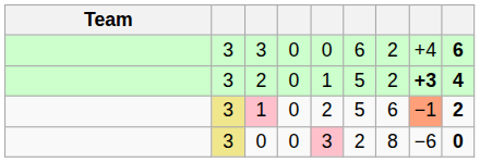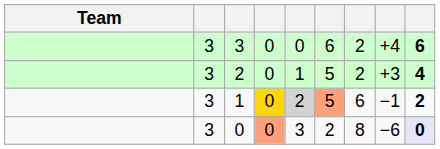 <table class="wikitable" style="text-align:center">
 <tr>
 <th width=165>Team</th>
 <th width=20></th>
 <th width=20></th>
 <th width=20></th>
 <th width=20></th>
 <th width=20></th>
 <th width=20></th>
 <th width=20></th>
 <th width=20></th>
 </tr>
 <tr bgcolor=ccffcc>
 <td align=left></td>
 <td>3</td>
 <td>3</td>
 <td>0</td>
 <td>0</td>
 <td>6</td>
 <td>2</td>
 <td>+4</td>
 <td><strong>6</strong></td>
 </tr>
 <tr bgcolor=ccffcc>
 <td align=left></td>
 <td>3</td>
 <td>2</td>
 <td>0</td>
 <td>1</td>
 <td>5</td>
 <td>2</td>
-<td><strong>+3</strong></td>
+<td>+3</td>
 <td><strong>4</strong></td>
 </tr>
 <tr>
 <td align=left></td>
-<td style="background: khaki;">3</td>
-<td style="background: pink;">1</td>
-<td>0</td>
-<td>2</td>
-<td>5</td>
+<td>3</td>
+<td>1</td>
+<td style="background: gold;">0</td>
+<td style="background: lightgrey;">2</td>
+<td style="background: lightsalmon;">5</td>
 <td>6</td>
-<td style="background: lightsalmon;">−1</td>
+<td>−1</td>
 <td><strong>2</strong></td>
 </tr>
 <tr>
 <td align=left></td>
-<td style="background: khaki;">3</td>
+<td>3</td>
 <td>0</td>
-<td>0</td>
-<td style="background: pink;">3</td>
+<td style="background: lightsalmon;">0</td>
+<td>3</td>
 <td>2</td>
 <td>8</td>
 <td>−6</td>
-<td><strong>0</strong></td>
+<td style="background: lavender;"><strong>0</strong></td>
 </tr>
 </table>
